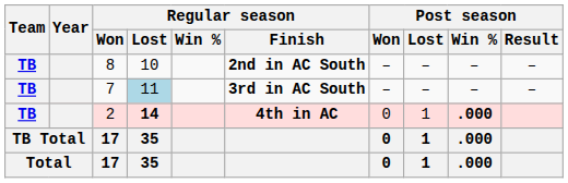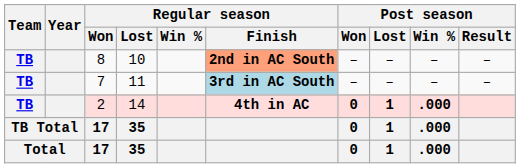 <table class="wikitable" style="font-size: 95%; text-align:center;">
 <tr>
 <th rowspan="2">Team</th>
 <th rowspan="2">Year</th>
 <th colspan="4">Regular season</th>
 <th colspan="4">Post season</th>
 </tr>
 <tr>
 <th>Won</th>
 <th>Lost</th>
 <th>Win %</th>
 <th>Finish</th>
 <th>Won</th>
 <th>Lost</th>
 <th>Win %</th>
 <th>Result</th>
 </tr>
 <tr>
 <th><a href='#'>TB</a></th>
 <th></th>
 <td>8</td>
 <td>10</td>
 <td></td>
-<td><strong>2nd in AC South</strong></td>
+<td style="background: lightsalmon;"><strong>2nd in AC South</strong></td>
 <td>–</td>
 <td>–</td>
 <td>–</td>
 <td>–</td>
 </tr>
 <tr>
 <th><a href='#'>TB</a></th>
 <th></th>
 <td>7</td>
-<td style="background: lightblue;">11</td>
+<td>11</td>
 <td></td>
-<td><strong>3rd in AC South</strong></td>
+<td style="background: lightblue;"><strong>3rd in AC South</strong></td>
 <td>–</td>
 <td>–</td>
 <td>–</td>
 <td>–</td>
 </tr>
 <tr ! style="background:#fdd;">
 <th><a href='#'>TB</a></th>
 <th></th>
 <td>2</td>
-<td><strong>14</strong></td>
+<td>14</td>
 <td></td>
 <td><strong>4th in AC</strong></td>
-<td>0</td>
-<td>1</td>
+<td><strong>0</strong></td>
+<td><strong>1</strong></td>
 <td><strong>.000</strong></td>
 <td></td>
 </tr>
 <tr>
 <th colspan="2">TB Total</th>
 <th>17</th>
 <th>35</th>
 <th></th>
 <th></th>
 <th>0</th>
 <th>1</th>
 <th>.000</th>
 <th></th>
 </tr>
 <tr>
 <th colspan="2">Total</th>
 <th>17</th>
 <th>35</th>
 <th></th>
 <th></th>
 <th>0</th>
 <th>1</th>
 <th>.000</th>
 <th></th>
 </tr>
 </table>
